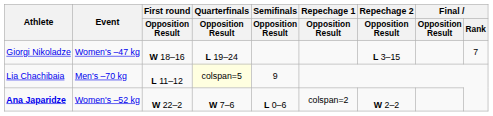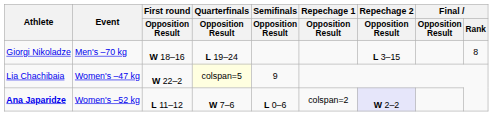 <table class="wikitable" style="font-size:90%;">
 <tr>
 <th rowspan="2">Athlete</th>
 <th rowspan="2">Event</th>
 <th>First round</th>
 <th>Quarterfinals</th>
 <th>Semifinals</th>
 <th>Repechage 1</th>
 <th>Repechage 2</th>
 <th colspan="2">Final / </th>
 </tr>
 <tr style="font-size:95%">
 <th>Opposition<br>Result</th>
 <th>Opposition<br>Result</th>
 <th>Opposition<br>Result</th>
 <th>Opposition<br>Result</th>
 <th>Opposition<br>Result</th>
 <th>Opposition<br>Result</th>
 <th>Rank</th>
 </tr>
 <tr align=center>
 <td align=left><a href='#'>Giorgi Nikoladze</a></td>
-<td align=left><a href='#'>Women's –47 kg</a></td>
+<td align=left><a href='#'>Men's –70 kg</a></td>
 <td><br><strong>W</strong> 18–16</td>
 <td><br><strong>L</strong> 19–24</td>
 <td></td>
 <td></td>
 <td><br><strong>L</strong> 3–15</td>
 <td></td>
-<td>7</td>
+<td>8</td>
 </tr>
 <tr align=center>
 <td align=left><a href='#'>Lia Chachibaia</a></td>
-<td align=left><a href='#'>Men's –70 kg</a></td>
-<td><br><strong>L</strong> 11–12</td>
+<td align=left><a href='#'>Women's –47 kg</a></td>
+<td><br><strong>W</strong> 22–2</td>
 <td style="background: lightyellow;">colspan=5 </td>
 <td>9</td>
 </tr>
 <tr align=center>
 <td align=left><strong><a href='#'>Ana Japaridze</a></strong></td>
 <td align=left><a href='#'>Women's –52 kg</a></td>
-<td><br><strong>W</strong> 22–2</td>
+<td><br><strong>L</strong> 11–12</td>
 <td><br><strong>W</strong> 7–6</td>
 <td><br><strong>L</strong> 0–6</td>
 <td>colspan=2 </td>
-<td><br><strong>W</strong> 2–2</td>
+<td style="background: lavender;"><br><strong>W</strong> 2–2</td>
 <td></td>
 </tr>
 </table>
